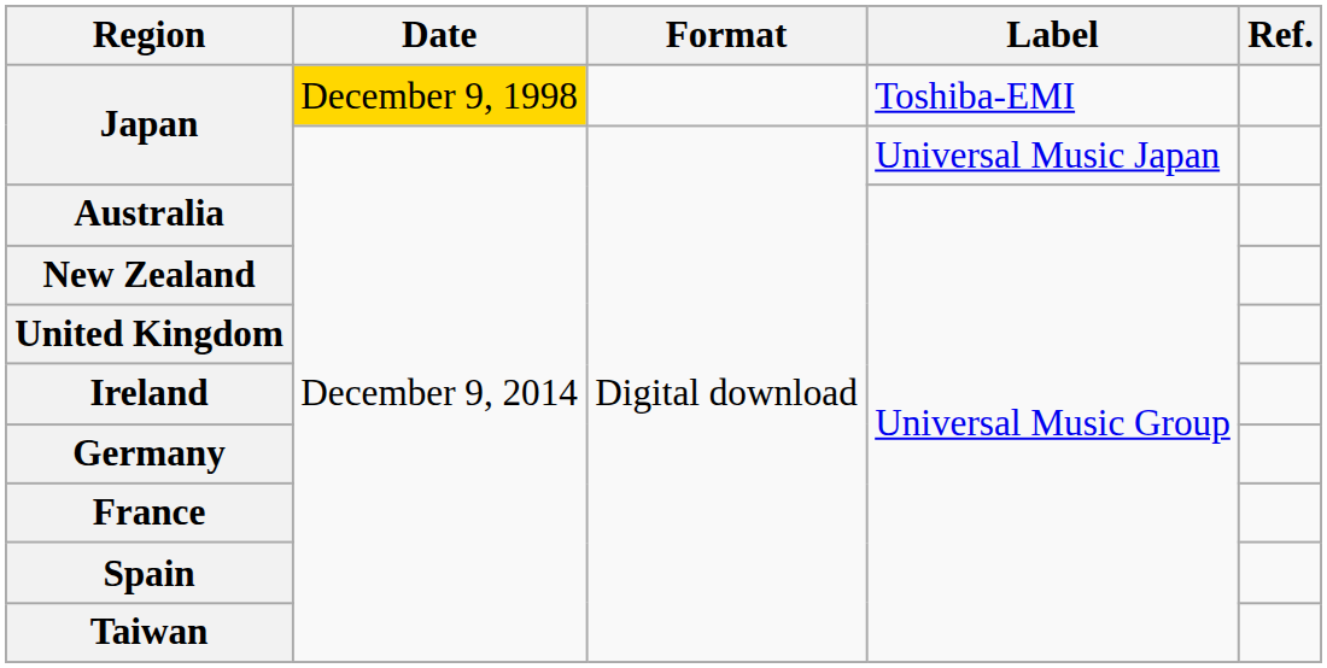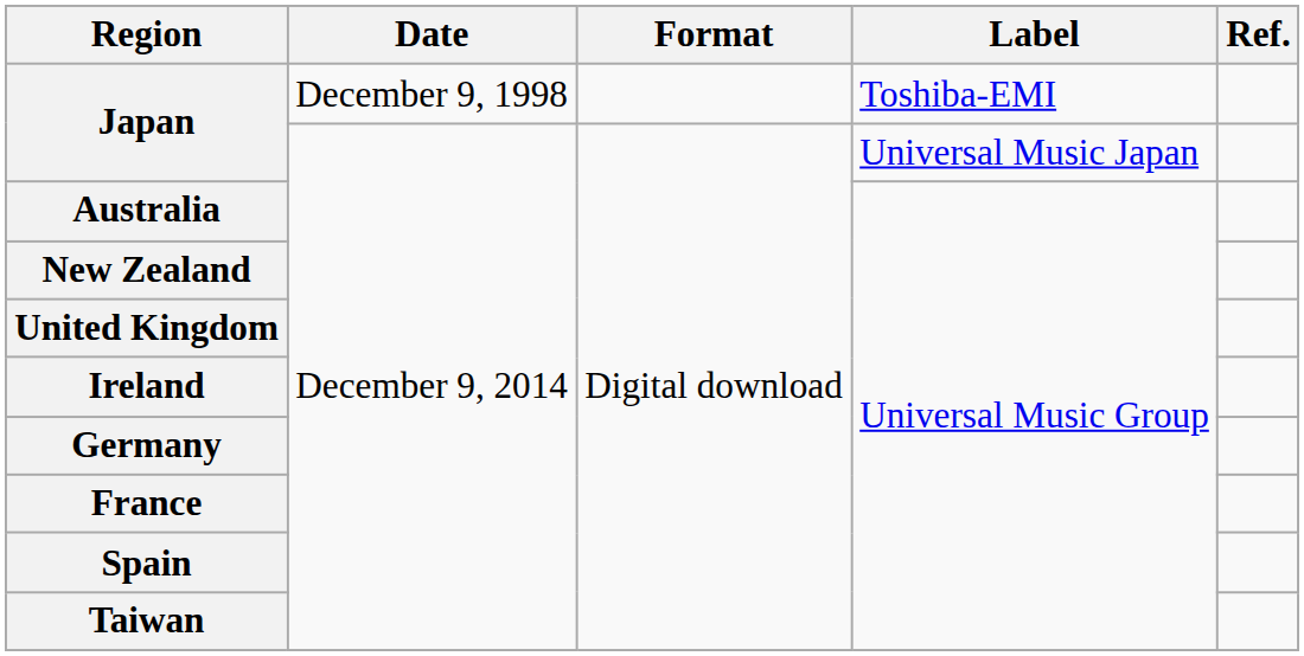 <table class="wikitable plainrowheaders">
 <tr>
 <th scope="col">Region</th>
 <th scope="col">Date</th>
 <th scope="col">Format</th>
 <th scope="col">Label</th>
 <th scope="col">Ref.</th>
 </tr>
 <tr>
 <th scope="row" rowspan="2">Japan</th>
-<td style="background: gold;">December 9, 1998</td>
+<td>December 9, 1998</td>
 <td></td>
 <td><a href='#'>Toshiba-EMI</a></td>
 <td></td>
 </tr>
 <tr>
 <td rowspan="9">December 9, 2014</td>
 <td rowspan="9">Digital download</td>
 <td><a href='#'>Universal Music Japan</a></td>
 <td></td>
 </tr>
 <tr>
 <th scope="row">Australia</th>
 <td rowspan="8"><a href='#'>Universal Music Group</a></td>
 <td></td>
 </tr>
 <tr>
 <th scope="row">New Zealand</th>
 <td></td>
 </tr>
 <tr>
 <th scope="row">United Kingdom</th>
 <td></td>
 </tr>
 <tr>
 <th scope="row">Ireland</th>
 <td></td>
 </tr>
 <tr>
 <th scope="row">Germany</th>
 <td></td>
 </tr>
 <tr>
 <th scope="row">France</th>
 <td></td>
 </tr>
 <tr>
 <th scope="row">Spain</th>
 <td></td>
 </tr>
 <tr>
 <th scope="row">Taiwan</th>
 <td></td>
 </tr>
 </table>
